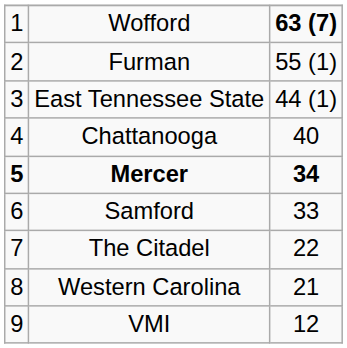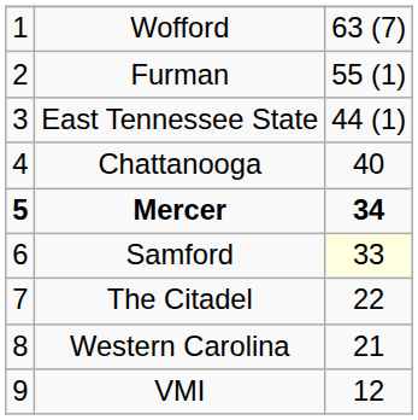 <table class="wikitable" style="display: inline-table;">
 <tr align="center">
 </tr>
 <tr align="center">
 <td>1</td>
 <td>Wofford</td>
-<td><strong>63 (7)</strong></td>
+<td>63 (7)</td>
 </tr>
 <tr align="center">
 <td>2</td>
 <td>Furman</td>
 <td>55 (1)</td>
 </tr>
 <tr align="center">
 <td>3</td>
 <td>East Tennessee State</td>
 <td>44 (1)</td>
 </tr>
 <tr align="center">
 <td>4</td>
 <td>Chattanooga</td>
 <td>40</td>
 </tr>
 <tr align="center">
 <td><strong>5</strong></td>
 <td><strong>Mercer</strong></td>
 <td><strong>34</strong></td>
 </tr>
 <tr align="center">
 <td>6</td>
 <td>Samford</td>
-<td>33</td>
+<td style="background: lightyellow;">33</td>
 </tr>
 <tr align="center">
 <td>7</td>
 <td>The Citadel</td>
 <td>22</td>
 </tr>
 <tr align="center">
 <td>8</td>
 <td>Western Carolina</td>
 <td>21</td>
 </tr>
 <tr align="center">
 <td>9</td>
 <td>VMI</td>
 <td>12</td>
 </tr>
 </table>
